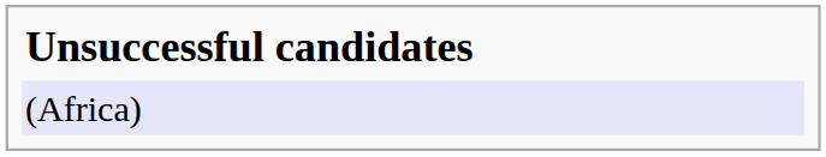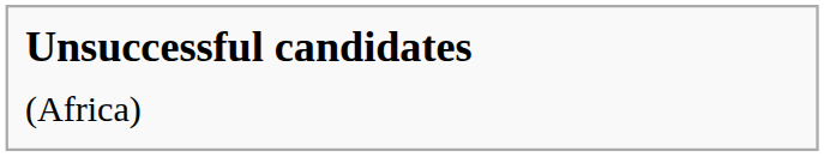 <table class="infobox" style="width:300px;">
 <tr>
 <td><strong>Unsuccessful candidates</strong></td>
 </tr>
 <tr>
-<td style="background: lavender;"> <small>(Africa)</small></td>
+<td> <small>(Africa)</small></td>
 </tr>
 </table>
